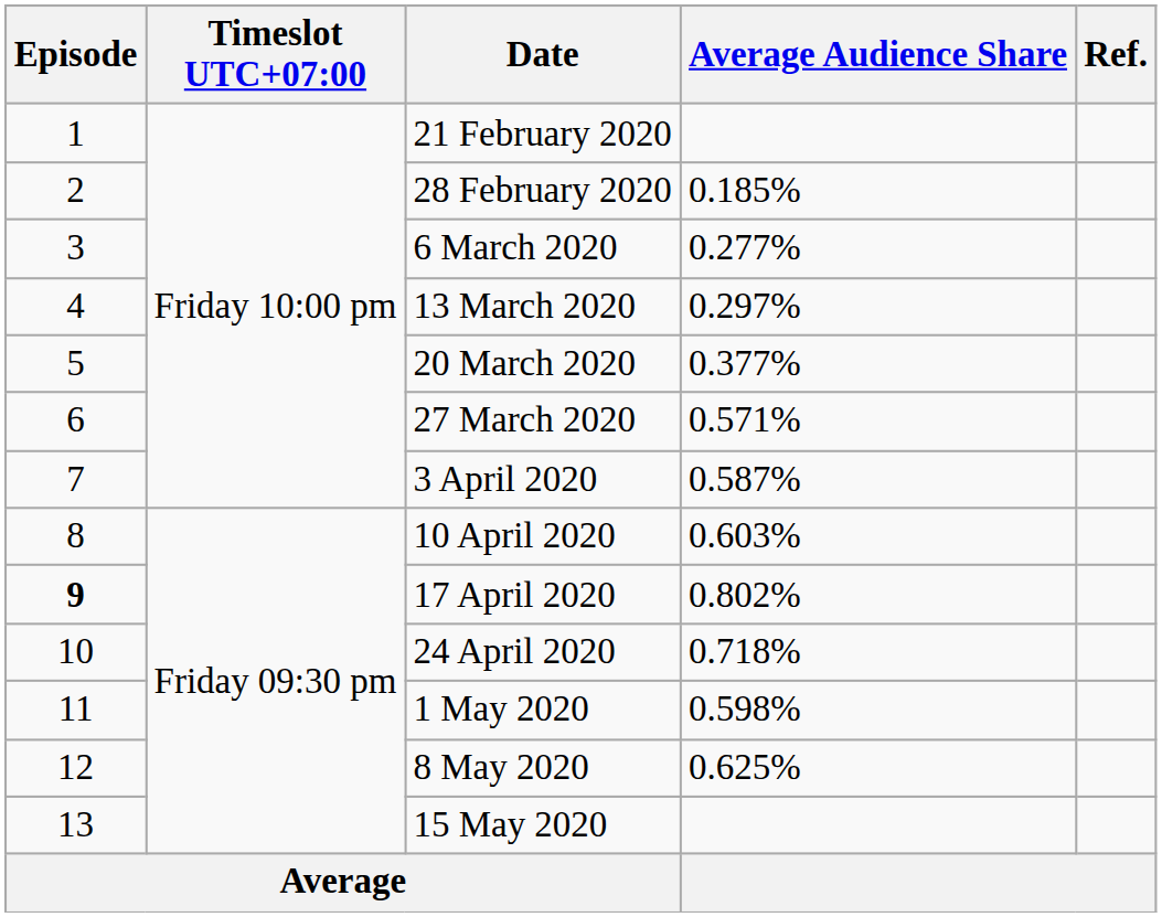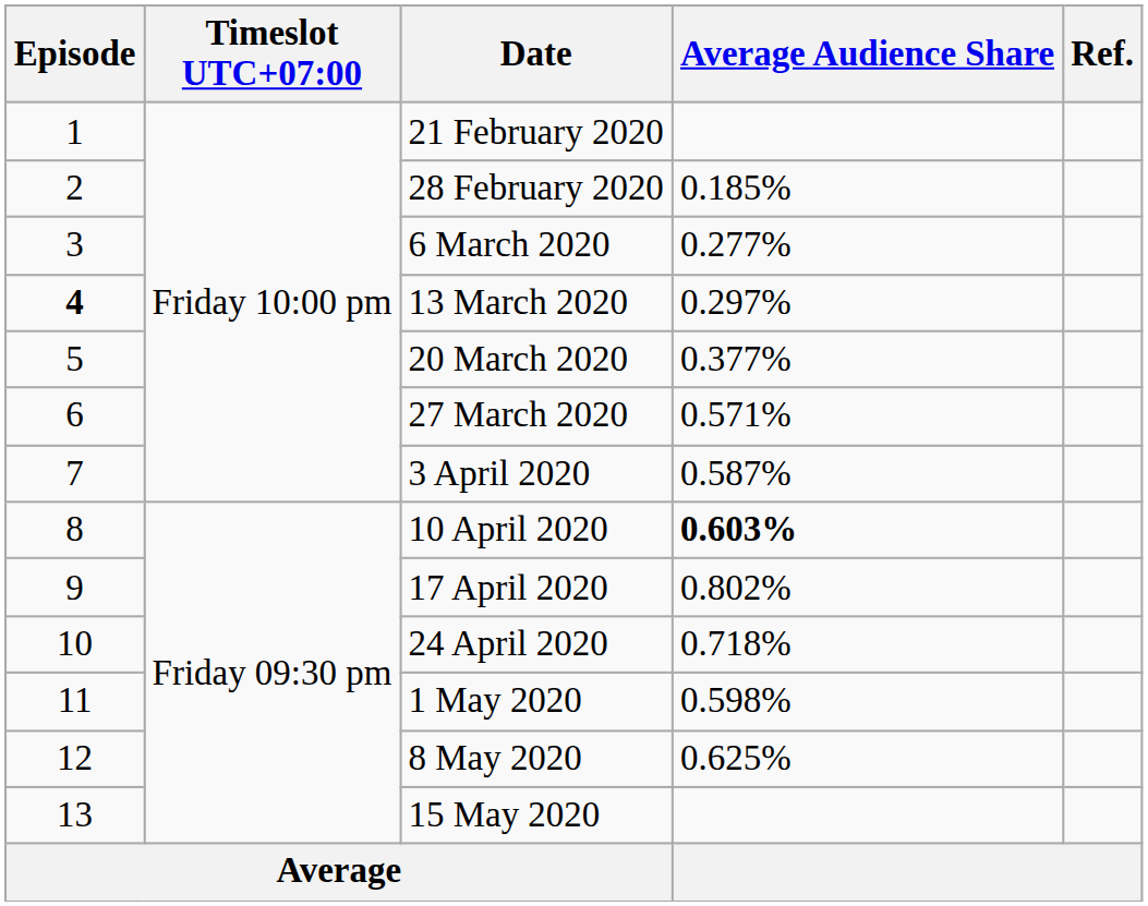 <table class="wikitable">
 <tr>
 <th>Episode</th>
 <th>Timeslot<br><a href='#'>UTC+07:00</a></th>
 <th>Date</th>
 <th><a href='#'>Average Audience Share</a></th>
 <th>Ref.</th>
 </tr>
 <tr>
 <td style="text-align: center;">1</td>
 <td rowspan="7">Friday 10:00 pm</td>
 <td>21 February 2020</td>
 <td></td>
 <td></td>
 </tr>
 <tr>
 <td style="text-align: center;">2</td>
 <td>28 February 2020</td>
 <td>0.185%</td>
 <td></td>
 </tr>
 <tr>
 <td style="text-align: center;">3</td>
 <td>6 March 2020</td>
 <td>0.277%</td>
 <td></td>
 </tr>
 <tr>
-<td style="text-align: center;">4</td>
+<td style="text-align: center;"><strong>4</strong></td>
 <td>13 March 2020</td>
 <td>0.297%</td>
 <td></td>
 </tr>
 <tr>
 <td style="text-align: center;">5</td>
 <td>20 March 2020</td>
 <td>0.377%</td>
 <td></td>
 </tr>
 <tr>
 <td style="text-align: center;">6</td>
 <td>27 March 2020</td>
 <td>0.571%</td>
 <td></td>
 </tr>
 <tr>
 <td style="text-align: center;">7</td>
 <td>3 April 2020</td>
 <td>0.587%</td>
 <td></td>
 </tr>
 <tr>
 <td style="text-align: center;">8</td>
 <td rowspan="6">Friday 09:30 pm</td>
 <td>10 April 2020</td>
-<td>0.603%</td>
+<td><strong>0.603%</strong></td>
 <td></td>
 </tr>
 <tr>
-<td style="text-align: center;"><strong>9</strong></td>
+<td style="text-align: center;">9</td>
 <td>17 April 2020</td>
 <td>0.802%</td>
 <td></td>
 </tr>
 <tr>
 <td style="text-align: center;">10</td>
 <td>24 April 2020</td>
 <td>0.718%</td>
 <td></td>
 </tr>
 <tr>
 <td style="text-align: center;">11</td>
 <td>1 May 2020</td>
 <td>0.598%</td>
 <td></td>
 </tr>
 <tr>
 <td style="text-align: center;">12</td>
 <td>8 May 2020</td>
 <td>0.625%</td>
 <td></td>
 </tr>
 <tr>
 <td style="text-align: center;">13</td>
 <td>15 May 2020</td>
 <td></td>
 <td></td>
 </tr>
 <tr>
 <th colspan="3" style="text-align: center;">Average</th>
 <th colspan="2" style="text-align: center;"> </th>
 </tr>
 </table>
